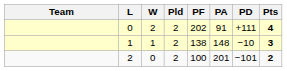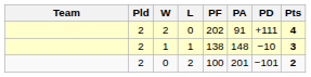 <table class=wikitable style="text-align:center">
 <tr>
 <th width=180>Team</th>
+<th width=30>Pld</th>
+<th width=30>W</th>
 <th width=30>L</th>
-<th width=30>W</th>
-<th width=30>Pld</th>
 <th width=30>PF</th>
 <th width=30>PA</th>
 <th width=30>PD</th>
 <th width=30>Pts</th>
 </tr>
 <tr align=center bgcolor="ffffcc">
 <td align=left></td>
-<td>0</td>
 <td>2</td>
 <td>2</td>
+<td>0</td>
 <td>202</td>
 <td>91</td>
 <td>+111</td>
 <td><strong>4</strong></td>
 </tr>
 <tr align=center bgcolor="ffffcc">
 <td align=left></td>
+<td>2</td>
 <td>1</td>
 <td>1</td>
-<td>2</td>
 <td>138</td>
 <td>148</td>
 <td>−10</td>
 <td><strong>3</strong></td>
 </tr>
 <tr align=center>
 <td align=left></td>
 <td>2</td>
 <td>0</td>
 <td>2</td>
 <td>100</td>
 <td>201</td>
 <td>−101</td>
 <td><strong>2</strong></td>
 </tr>
 </table>
